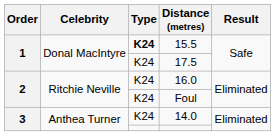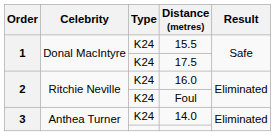 <table class="wikitable plainrowheaders" style="text-align:center;">
 <tr>
 <th>Order</th>
 <th>Celebrity</th>
 <th>Type</th>
 <th>Distance<br><small>(metres)</small></th>
 <th>Result</th>
 </tr>
 <tr>
 <th rowspan=2>1</th>
 <td rowspan=2>Donal MacIntyre</td>
-<td><strong>K24</strong></td>
+<td>K24</td>
 <td>15.5</td>
 <td rowspan=2>Safe</td>
 </tr>
 <tr>
 <td>K24</td>
 <td>17.5</td>
 </tr>
 <tr>
 <th rowspan=2>2</th>
 <td rowspan=2>Ritchie Neville</td>
 <td>K24</td>
 <td>16.0</td>
 <td rowspan=2>Eliminated</td>
 </tr>
 <tr>
 <td>K24</td>
 <td>Foul</td>
 </tr>
 <tr>
 <th rowspan=2>3</th>
 <td rowspan=2>Anthea Turner</td>
 <td>K24</td>
 <td>14.0</td>
 <td rowspan=2>Eliminated</td>
 </tr>
 <tr>
 <td></td>
 <td></td>
 </tr>
 </table>
